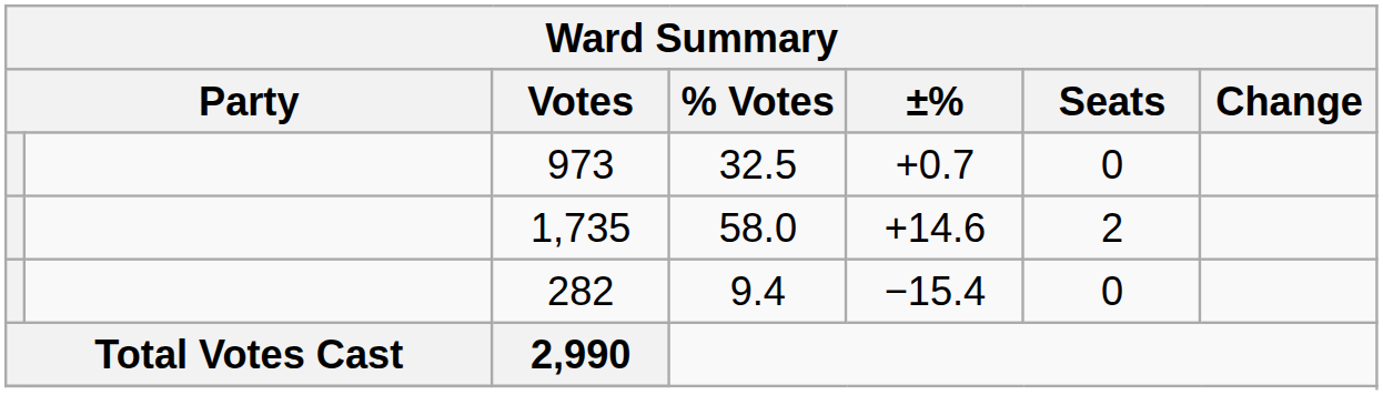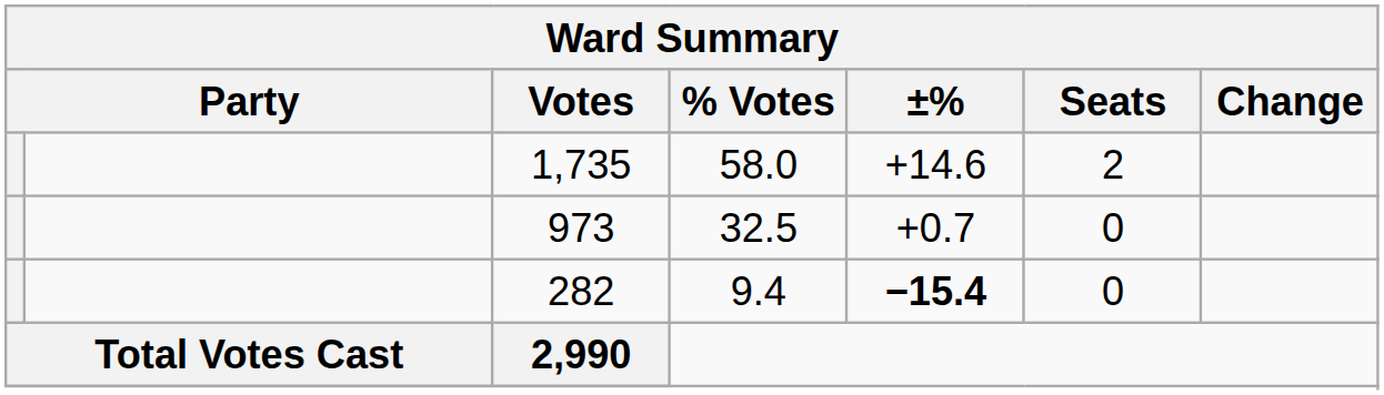 <table class="wikitable" style="font-size: 95%;">
 <tr style="background-color:#E9E9E9">
 <th colspan="7">Ward Summary</th>
 </tr>
 <tr style="background-color:#E9E9E9">
 <th colspan="2">Party</th>
 <th style="width: 60px">Votes</th>
 <th style="width: 60px">% Votes</th>
 <th style="width: 60px">±%</th>
 <th style="width: 60px">Seats</th>
 <th style="width: 60px">Change</th>
 </tr>
 <tr>
 <th style="background-color: "></th>
 <td style="width: 170px"><a href='#'></a></td>
+<td align="center">1,735</td>
+<td align="center">58.0</td>
+<td align="center">+14.6</td>
+<td align="center">2</td>
+<td align="center"></td>
+</tr>
+<tr>
+<th style="background-color: "></th>
+<td style="width: 170px"><a href='#'></a></td>
 <td align="center">973</td>
 <td align="center">32.5</td>
 <td align="center">+0.7</td>
 <td align="center">0</td>
 <td align="center"></td>
 </tr>
 <tr>
 <th style="background-color: "></th>
 <td style="width: 170px"><a href='#'></a></td>
-<td align="center">1,735</td>
-<td align="center">58.0</td>
-<td align="center">+14.6</td>
-<td align="center">2</td>
-<td align="center"></td>
-</tr>
-<tr>
-<th style="background-color: "></th>
-<td style="width: 170px"><a href='#'></a></td>
 <td align="center">282</td>
 <td align="center">9.4</td>
-<td align="center">−15.4</td>
+<td align="center"><strong>−15.4</strong></td>
 <td align="center">0</td>
 <td align="center"></td>
 </tr>
 <tr style="background-color:#E9E9E9">
 <th colspan="2">Total Votes Cast</th>
 <th style="width: 60px">2,990</th>
 </tr>
 <tr style="background-color:#E9E9E9">
 </tr>
 </table>
